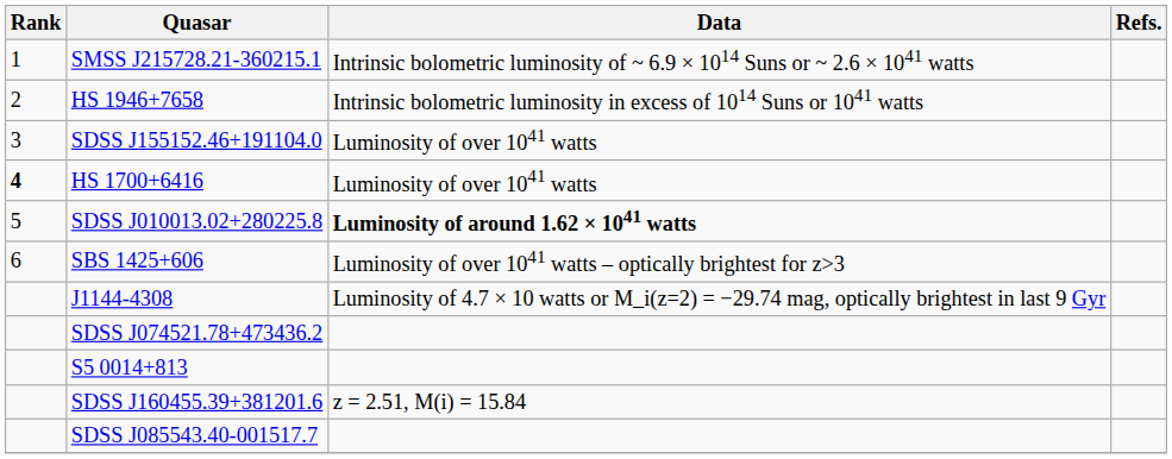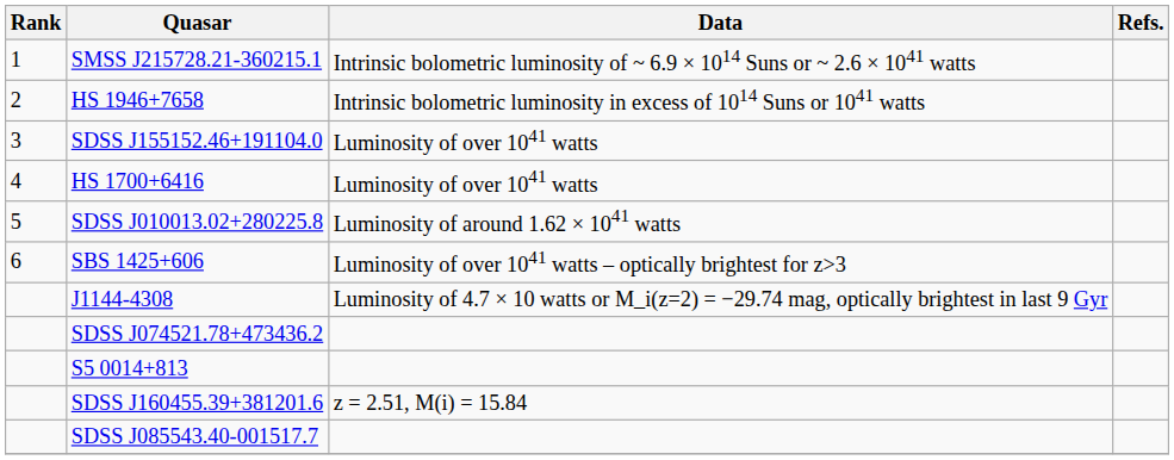 <table class="wikitable" border="1">
 <tr>
 <th>Rank</th>
 <th>Quasar</th>
 <th>Data</th>
 <th>Refs.</th>
 </tr>
 <tr>
 <td>1</td>
 <td><a href='#'>SMSS J215728.21-360215.1</a></td>
 <td>Intrinsic bolometric luminosity of ~ 6.9 × 10<sup>14</sup> Suns or ~ 2.6 × 10<sup>41</sup> watts</td>
 <td></td>
 </tr>
 <tr>
 <td>2</td>
 <td><a href='#'>HS 1946+7658</a></td>
 <td>Intrinsic bolometric luminosity in excess of 10<sup>14</sup> Suns or 10<sup>41</sup> watts</td>
 <td></td>
 </tr>
 <tr>
 <td>3</td>
 <td><a href='#'>SDSS J155152.46+191104.0</a></td>
 <td>Luminosity of over 10<sup>41</sup> watts</td>
 <td></td>
 </tr>
 <tr>
-<td><strong>4</strong></td>
+<td>4</td>
 <td><a href='#'>HS 1700+6416</a></td>
 <td>Luminosity of over 10<sup>41</sup> watts</td>
 <td></td>
 </tr>
 <tr>
 <td>5</td>
 <td><a href='#'>SDSS J010013.02+280225.8</a></td>
-<td><strong>Luminosity of around 1.62 × 10<sup>41</sup> watts</strong></td>
+<td>Luminosity of around 1.62 × 10<sup>41</sup> watts</td>
 <td></td>
 </tr>
 <tr>
 <td>6</td>
 <td><a href='#'>SBS 1425+606</a></td>
 <td>Luminosity of over 10<sup>41</sup> watts – optically brightest for z>3</td>
 <td></td>
 </tr>
 <tr>
 <td></td>
 <td><a href='#'>J1144-4308</a></td>
 <td>Luminosity of 4.7 × 10 watts or M_i(z=2) = −29.74 mag, optically brightest in last 9 <a href='#'>Gyr</a></td>
 <td></td>
 </tr>
 <tr>
 <td></td>
 <td><a href='#'>SDSS J074521.78+473436.2</a></td>
 <td></td>
 <td></td>
 </tr>
 <tr>
 <td></td>
 <td><a href='#'>S5 0014+813</a></td>
 <td></td>
 <td></td>
 </tr>
 <tr>
 <td></td>
 <td><a href='#'>SDSS J160455.39+381201.6</a></td>
 <td>z = 2.51, M(i) = 15.84</td>
 <td></td>
 </tr>
 <tr>
 <td></td>
 <td><a href='#'>SDSS J085543.40-001517.7</a></td>
 <td></td>
 <td></td>
 </tr>
 <tr>
 </tr>
 </table>
